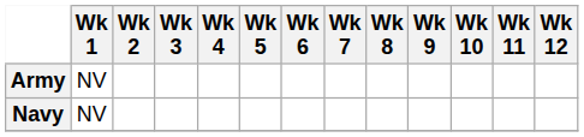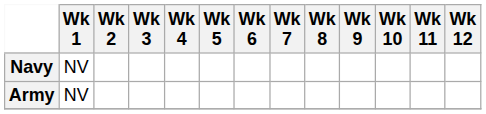 <table class="wikitable" style="white-space:nowrap;font-size:90%;text-align:center;">
 <tr>
 <th style="background:white; border-top-style:hidden; border-left-style:hidden;"> </th>
 <th>Wk<br> 1</th>
 <th>Wk<br>2</th>
 <th>Wk<br>3</th>
 <th>Wk<br>4</th>
 <th>Wk<br>5</th>
 <th>Wk<br>6</th>
 <th>Wk<br>7</th>
 <th>Wk<br>8</th>
 <th>Wk<br>9</th>
 <th>Wk<br>10</th>
 <th>Wk<br>11</th>
 <th>Wk<br>12</th>
 </tr>
 <tr>
-<th>Army</th>
+<th>Navy</th>
 <td style="background:#FFF;">NV</td>
 <td style="background:#FFF;"></td>
 <td style="background:#FFF;"></td>
 <td style="background:#FFF;"></td>
 <td style="background:#FFF;"></td>
 <td style="background:#FFF;"></td>
 <td style="background:#FFF;"></td>
 <td style="background:#FFF;"></td>
 <td style="background:#FFF;"></td>
 <td style="background:#FFF;"></td>
 <td style="background:#FFF;"></td>
 <td style="background:#FFF;"></td>
 </tr>
 <tr>
-<th>Navy</th>
+<th>Army</th>
 <td style="background:#FFF;">NV</td>
 <td style="background:#FFF;"></td>
 <td style="background:#FFF;"></td>
 <td style="background:#FFF;"></td>
 <td style="background:#FFF;"></td>
 <td style="background:#FFF;"></td>
 <td style="background:#FFF;"></td>
 <td style="background:#FFF;"></td>
 <td style="background:#FFF;"></td>
 <td style="background:#FFF;"></td>
 <td style="background:#FFF;"></td>
 <td style="background:#FFF;"></td>
 </tr>
 <tr>
 </tr>
 </table>
